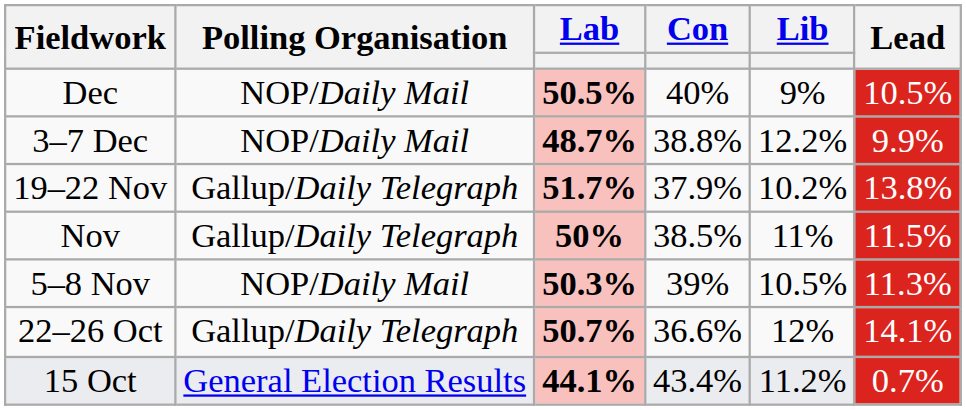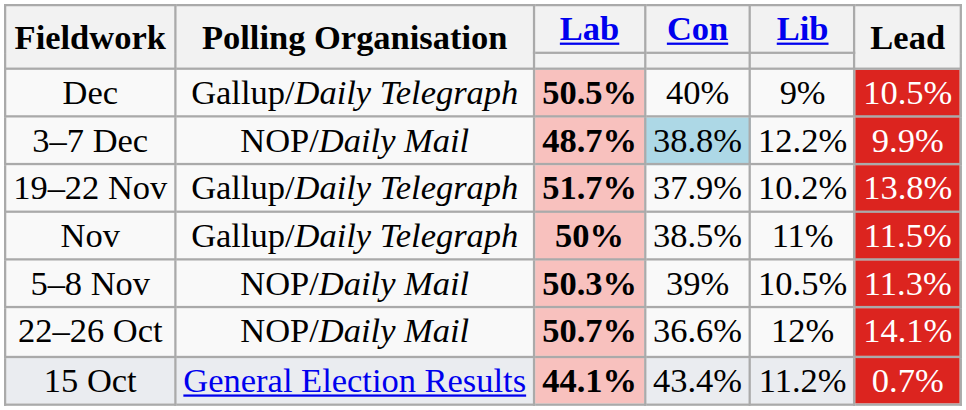 <table class="wikitable" style="text-align: center; line-height: 14px; font-size: 95%;">
 <tr>
 <th rowspan="2">Fieldwork</th>
 <th rowspan="2">Polling Organisation</th>
 <th><a href='#'>Lab</a></th>
 <th><a href='#'>Con</a></th>
 <th><a href='#'>Lib</a></th>
 <th class="unsortable" style="width:20px;" rowspan="2">Lead</th>
 </tr>
 <tr>
 <th style="background:"></th>
 <th style="background:"></th>
 <th style="background:"></th>
 </tr>
 <tr>
 <td>Dec</td>
-<td>NOP/<em>Daily Mail</em></td>
+<td>Gallup/<em>Daily Telegraph</em></td>
 <td style="background:#F8C1BE"><strong>50.5%</strong></td>
 <td>40%</td>
 <td>9%</td>
 <td style="background:#DC241F; color:white;">10.5%</td>
 </tr>
 <tr>
 <td>3–7 Dec</td>
 <td>NOP/<em>Daily Mail</em></td>
 <td style="background:#F8C1BE"><strong>48.7%</strong></td>
-<td>38.8%</td>
+<td style="background: lightblue;">38.8%</td>
 <td>12.2%</td>
 <td style="background:#DC241F; color:white;">9.9%</td>
 </tr>
 <tr>
 <td>19–22 Nov</td>
 <td>Gallup/<em>Daily Telegraph</em></td>
 <td style="background:#F8C1BE"><strong>51.7%</strong></td>
 <td>37.9%</td>
 <td>10.2%</td>
 <td style="background:#DC241F; color:white;">13.8%</td>
 </tr>
 <tr>
 <td>Nov</td>
 <td>Gallup/<em>Daily Telegraph</em></td>
 <td style="background:#F8C1BE"><strong>50%</strong></td>
 <td>38.5%</td>
 <td>11%</td>
 <td style="background:#DC241F; color:white;">11.5%</td>
 </tr>
 <tr>
 <td>5–8 Nov</td>
 <td>NOP/<em>Daily Mail</em></td>
 <td style="background:#F8C1BE"><strong>50.3%</strong></td>
 <td>39%</td>
 <td>10.5%</td>
 <td style="background:#DC241F; color:white;">11.3%</td>
 </tr>
 <tr>
 <td>22–26 Oct</td>
-<td>Gallup/<em>Daily Telegraph</em></td>
+<td>NOP/<em>Daily Mail</em></td>
 <td style="background:#F8C1BE"><strong>50.7%</strong></td>
 <td>36.6%</td>
 <td>12%</td>
 <td style="background:#DC241F; color:white;">14.1%</td>
 </tr>
 <tr>
 <td style="background:#EAECF0;">15 Oct</td>
 <td style="background:#EAECF0;"><a href='#'>General Election Results</a></td>
 <td style="background:#F8C1BE;"><strong>44.1%</strong></td>
 <td style="background:#EAECF0;">43.4%</td>
 <td style="background:#EAECF0;">11.2%</td>
 <td style="background:#DC241F; color:white;">0.7%</td>
 </tr>
 </table>
